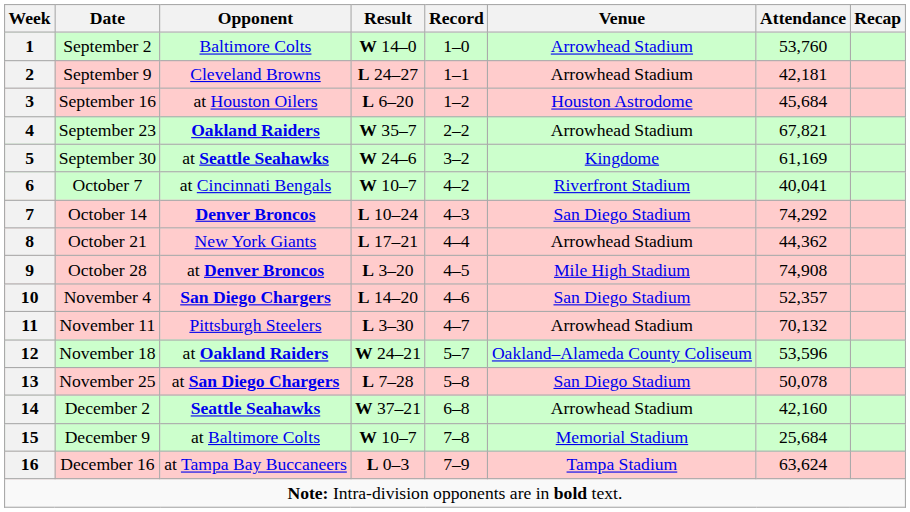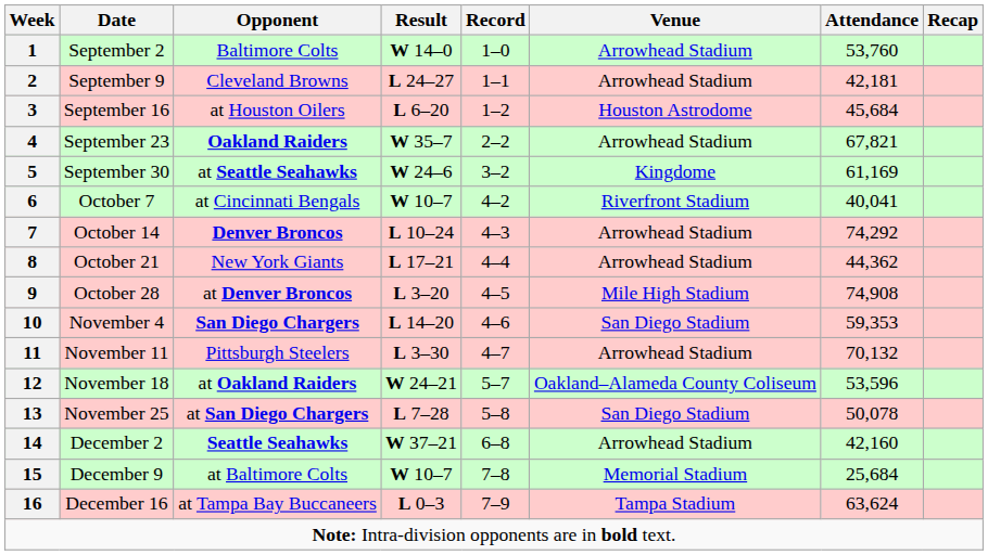 <table class="wikitable" style="text-align:center">
 <tr>
 <th>Week</th>
 <th>Date</th>
 <th>Opponent</th>
 <th>Result</th>
 <th>Record</th>
 <th>Venue</th>
 <th>Attendance</th>
 <th>Recap</th>
 </tr>
 <tr style="background:#cfc">
 <th>1</th>
 <td>September 2</td>
 <td><a href='#'>Baltimore Colts</a></td>
 <td><strong>W</strong> 14–0</td>
 <td>1–0</td>
 <td><a href='#'>Arrowhead Stadium</a></td>
 <td>53,760</td>
 <td></td>
 </tr>
 <tr style="background:#fcc">
 <th>2</th>
 <td>September 9</td>
 <td><a href='#'>Cleveland Browns</a></td>
 <td><strong>L</strong> 24–27</td>
 <td>1–1</td>
 <td>Arrowhead Stadium</td>
 <td>42,181</td>
 <td></td>
 </tr>
 <tr style="background:#fcc">
 <th>3</th>
 <td>September 16</td>
 <td>at <a href='#'>Houston Oilers</a></td>
 <td><strong>L</strong> 6–20</td>
 <td>1–2</td>
 <td><a href='#'>Houston Astrodome</a></td>
 <td>45,684</td>
 <td></td>
 </tr>
 <tr style="background:#cfc">
 <th>4</th>
 <td>September 23</td>
 <td><strong><a href='#'>Oakland Raiders</a></strong></td>
 <td><strong>W</strong> 35–7</td>
 <td>2–2</td>
 <td>Arrowhead Stadium</td>
 <td>67,821</td>
 <td></td>
 </tr>
 <tr style="background:#cfc">
 <th>5</th>
 <td>September 30</td>
 <td>at <strong><a href='#'>Seattle Seahawks</a></strong></td>
 <td><strong>W</strong> 24–6</td>
 <td>3–2</td>
 <td><a href='#'>Kingdome</a></td>
 <td>61,169</td>
 <td></td>
 </tr>
 <tr style="background:#cfc">
 <th>6</th>
 <td>October 7</td>
 <td>at <a href='#'>Cincinnati Bengals</a></td>
 <td><strong>W</strong> 10–7</td>
 <td>4–2</td>
 <td><a href='#'>Riverfront Stadium</a></td>
 <td>40,041</td>
 <td></td>
 </tr>
 <tr style="background:#fcc">
 <th>7</th>
 <td>October 14</td>
 <td><strong><a href='#'>Denver Broncos</a></strong></td>
 <td><strong>L</strong> 10–24</td>
 <td>4–3</td>
-<td><a href='#'>San Diego Stadium</a></td>
+<td>Arrowhead Stadium</td>
 <td>74,292</td>
 <td></td>
 </tr>
 <tr style="background:#fcc">
 <th>8</th>
 <td>October 21</td>
 <td><a href='#'>New York Giants</a></td>
 <td><strong>L</strong> 17–21</td>
 <td>4–4</td>
 <td>Arrowhead Stadium</td>
 <td>44,362</td>
 <td></td>
 </tr>
 <tr style="background:#fcc">
 <th>9</th>
 <td>October 28</td>
 <td>at <strong><a href='#'>Denver Broncos</a></strong></td>
 <td><strong>L</strong> 3–20</td>
 <td>4–5</td>
 <td><a href='#'>Mile High Stadium</a></td>
 <td>74,908</td>
 <td></td>
 </tr>
 <tr style="background:#fcc">
 <th>10</th>
 <td>November 4</td>
 <td><strong><a href='#'>San Diego Chargers</a></strong></td>
 <td><strong>L</strong> 14–20</td>
 <td>4–6</td>
 <td><a href='#'>San Diego Stadium</a></td>
-<td>52,357</td>
+<td>59,353</td>
 <td></td>
 </tr>
 <tr style="background:#fcc">
 <th>11</th>
 <td>November 11</td>
 <td><a href='#'>Pittsburgh Steelers</a></td>
 <td><strong>L</strong> 3–30</td>
 <td>4–7</td>
 <td>Arrowhead Stadium</td>
 <td>70,132</td>
 <td></td>
 </tr>
 <tr style="background:#cfc">
 <th>12</th>
 <td>November 18</td>
 <td>at <strong><a href='#'>Oakland Raiders</a></strong></td>
 <td><strong>W</strong> 24–21</td>
 <td>5–7</td>
 <td><a href='#'>Oakland–Alameda County Coliseum</a></td>
 <td>53,596</td>
 <td></td>
 </tr>
 <tr style="background:#fcc">
 <th>13</th>
 <td>November 25</td>
 <td>at <strong><a href='#'>San Diego Chargers</a></strong></td>
 <td><strong>L</strong> 7–28</td>
 <td>5–8</td>
 <td><a href='#'>San Diego Stadium</a></td>
 <td>50,078</td>
 <td></td>
 </tr>
 <tr style="background:#cfc">
 <th>14</th>
 <td>December 2</td>
 <td><strong><a href='#'>Seattle Seahawks</a></strong></td>
 <td><strong>W</strong> 37–21</td>
 <td>6–8</td>
 <td>Arrowhead Stadium</td>
 <td>42,160</td>
 <td></td>
 </tr>
 <tr style="background:#cfc">
 <th>15</th>
 <td>December 9</td>
 <td>at <a href='#'>Baltimore Colts</a></td>
 <td><strong>W</strong> 10–7</td>
 <td>7–8</td>
 <td><a href='#'>Memorial Stadium</a></td>
 <td>25,684</td>
 <td></td>
 </tr>
 <tr style="background:#fcc">
 <th>16</th>
 <td>December 16</td>
 <td>at <a href='#'>Tampa Bay Buccaneers</a></td>
 <td><strong>L</strong> 0–3</td>
 <td>7–9</td>
 <td><a href='#'>Tampa Stadium</a></td>
 <td>63,624</td>
 <td></td>
 </tr>
 <tr>
 <td colspan="8"><strong>Note:</strong> Intra-division opponents are in <strong>bold</strong> text.</td>
 </tr>
 </table>
